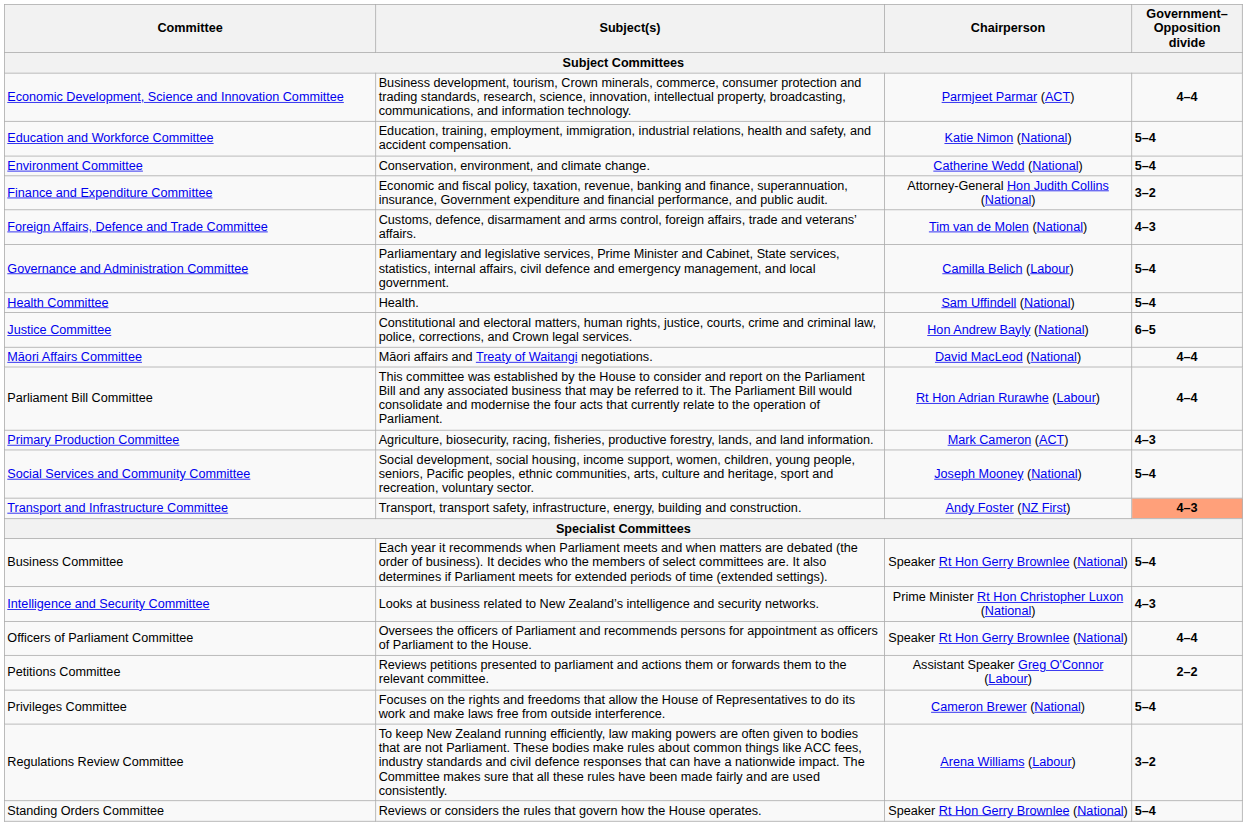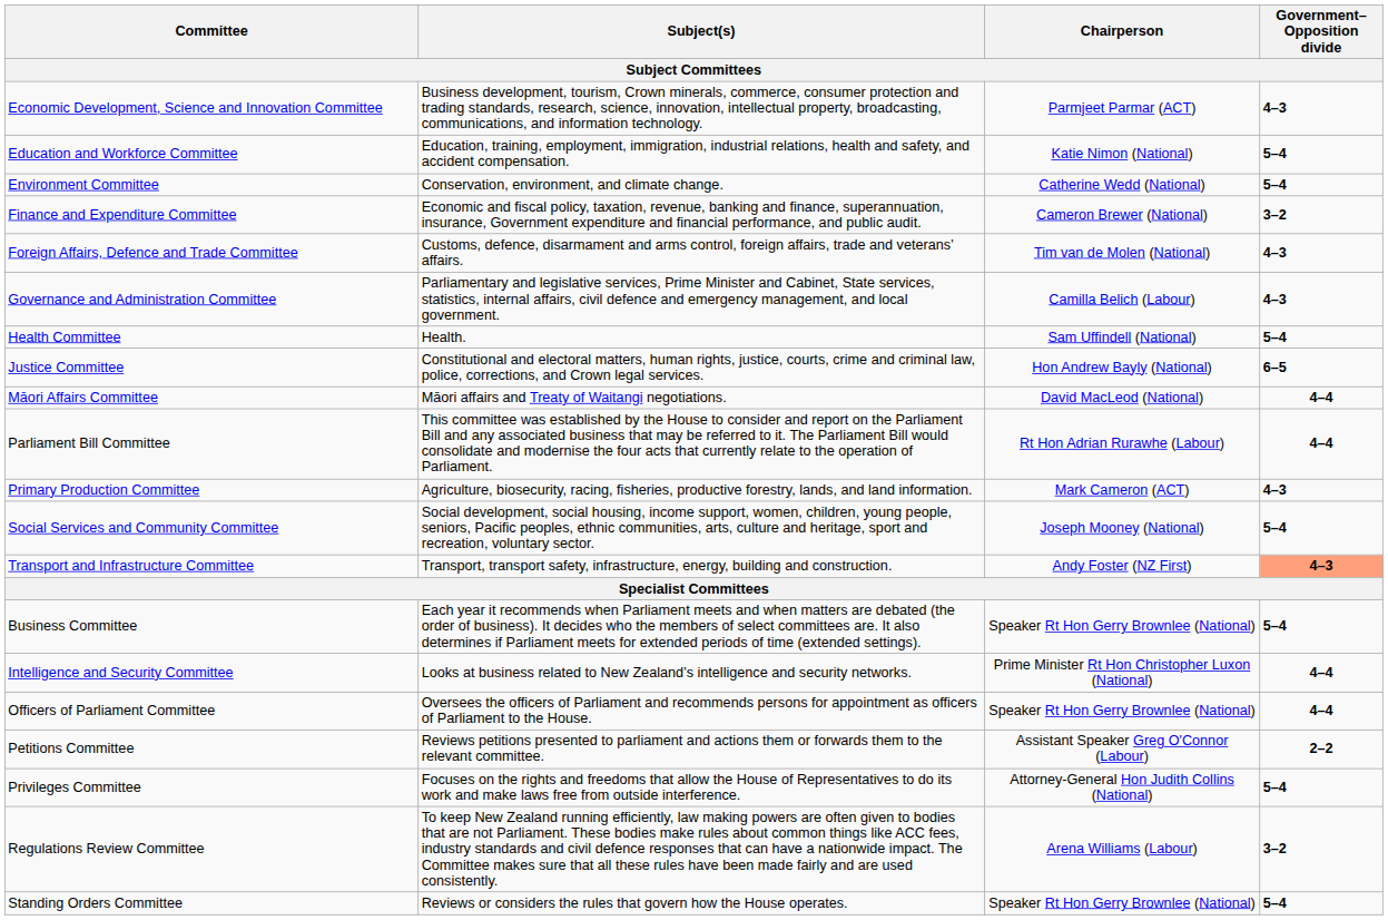 <table class="wikitable">
 <tr>
 <th style="width:30%;">Committee</th>
 <th>Subject(s)</th>
 <th style="width:20%;">Chairperson</th>
 <th>Government–Opposition divide</th>
 </tr>
 <tr>
 <th colspan="4">Subject Committees</th>
 </tr>
 <tr id="Economic Development, Science and Innovation Committee">
 <td><a href='#'>Economic Development, Science and Innovation Committee</a></td>
 <td>Business development, tourism, Crown minerals, commerce, consumer protection and trading standards, research, science, innovation, intellectual property, broadcasting, communications, and information technology.</td>
 <td style="text-align:center;background:"><a href='#'>Parmjeet Parmar</a> (<a href='#'>ACT</a>)</td>
-<td style="text-align:center;"><strong>4–4</strong></td>
+<td style="background:"><strong>4–3</strong></td>
 </tr>
 <tr id="Education and Workforce Committee">
 <td><a href='#'>Education and Workforce Committee</a></td>
 <td>Education, training, employment, immigration, industrial relations, health and safety, and accident compensation.</td>
 <td style="text-align:center;background:"><a href='#'>Katie Nimon</a> (<a href='#'>National</a>)</td>
 <td style="background:"><strong>5–4</strong></td>
 </tr>
 <tr id="Environment Committee">
 <td><a href='#'>Environment Committee</a></td>
 <td>Conservation, environment, and climate change.</td>
 <td style="text-align:center;background:"><a href='#'>Catherine Wedd</a> (<a href='#'>National</a>)</td>
 <td style="background:"><strong>5–4</strong></td>
 </tr>
 <tr id="Finance and Expenditure Committee">
 <td><a href='#'>Finance and Expenditure Committee</a></td>
 <td>Economic and fiscal policy, taxation, revenue, banking and finance, superannuation, insurance, Government expenditure and financial performance, and public audit.</td>
-<td style="text-align:center;background:">Attorney-General <a href='#'>Hon Judith Collins</a> (<a href='#'>National</a>)</td>
+<td style="text-align:center;background:"><a href='#'>Cameron Brewer</a> (<a href='#'>National</a>)</td>
 <td style="background:"><strong>3–2</strong></td>
 </tr>
 <tr id="Foreign Affairs, Defence and Trade Committee">
 <td><a href='#'>Foreign Affairs, Defence and Trade Committee</a></td>
 <td>Customs, defence, disarmament and arms control, foreign affairs, trade and veterans’ affairs.</td>
 <td style="text-align:center;background:"><a href='#'>Tim van de Molen</a> (<a href='#'>National</a>)</td>
 <td style="background:"><strong>4–3</strong></td>
 </tr>
 <tr id="Governance and Administration Committee">
 <td><a href='#'>Governance and Administration Committee</a></td>
 <td>Parliamentary and legislative services, Prime Minister and Cabinet, State services, statistics, internal affairs, civil defence and emergency management, and local government.</td>
 <td style="text-align:center;background:"><a href='#'>Camilla Belich</a> (<a href='#'>Labour</a>)</td>
-<td style="background:"><strong>5–4</strong></td>
+<td style="background:"><strong>4–3</strong></td>
 </tr>
 <tr id="Health Committee">
 <td><a href='#'>Health Committee</a></td>
 <td>Health.</td>
 <td style="text-align:center;background:"><a href='#'>Sam Uffindell</a> (<a href='#'>National</a>)</td>
 <td style="background:"><strong>5–4</strong></td>
 </tr>
 <tr id="Justice Committee">
 <td><a href='#'>Justice Committee</a></td>
 <td>Constitutional and electoral matters, human rights, justice, courts, crime and criminal law, police, corrections, and Crown legal services.</td>
 <td style="text-align:center;background:"><a href='#'>Hon Andrew Bayly</a> (<a href='#'>National</a>)</td>
 <td style="background:"><strong>6–5</strong></td>
 </tr>
 <tr id="Māori Affairs Committee">
 <td><a href='#'>Māori Affairs Committee</a></td>
 <td>Māori affairs and <a href='#'>Treaty of Waitangi</a> negotiations.</td>
 <td style="text-align:center;background:"><a href='#'>David MacLeod</a> (<a href='#'>National</a>)</td>
 <td style="text-align:center;"><strong>4–4</strong></td>
 </tr>
 <tr id="Parliament Bill Committee">
 <td>Parliament Bill Committee</td>
 <td>This committee was established by the House to consider and report on the Parliament Bill and any associated business that may be referred to it. The Parliament Bill would consolidate and modernise the four acts that currently relate to the operation of Parliament.</td>
 <td style="text-align:center;background:"><a href='#'>Rt Hon Adrian Rurawhe</a> (<a href='#'>Labour</a>)</td>
 <td style="text-align:center;"><strong>4–4</strong></td>
 </tr>
 <tr id="Primary Production Committee">
 <td><a href='#'>Primary Production Committee</a></td>
 <td>Agriculture, biosecurity, racing, fisheries, productive forestry, lands, and land information.</td>
 <td style="text-align:center;background:"><a href='#'>Mark Cameron</a> (<a href='#'>ACT</a>)</td>
 <td style="background:"><strong>4–3</strong></td>
 </tr>
 <tr id="Social Services and Community Committee">
 <td><a href='#'>Social Services and Community Committee</a></td>
 <td>Social development, social housing, income support, women, children, young people, seniors, Pacific peoples, ethnic communities, arts, culture and heritage, sport and recreation, voluntary sector.</td>
 <td style="text-align:center;background:"><a href='#'>Joseph Mooney</a> (<a href='#'>National</a>)</td>
 <td style="background:"><strong>5–4</strong></td>
 </tr>
 <tr id="Transport and Infrastructure Committee">
 <td><a href='#'>Transport and Infrastructure Committee</a></td>
 <td>Transport, transport safety, infrastructure, energy, building and construction.</td>
 <td style="text-align:center;background:"><a href='#'>Andy Foster</a> (<a href='#'>NZ First</a>)</td>
 <td style="background: lightsalmon; text-align:center;"><strong>4–3</strong></td>
 </tr>
 <tr>
 <th colspan="4">Specialist Committees</th>
 </tr>
 <tr id="Business Committee">
 <td>Business Committee</td>
 <td>Each year it recommends when Parliament meets and when matters are debated (the order of business). It decides who the members of select committees are. It also determines if Parliament meets for extended periods of time (extended settings).</td>
 <td style="text-align:center;background:">Speaker <a href='#'>Rt Hon Gerry Brownlee</a> (<a href='#'>National</a>)</td>
 <td style="background:"><strong>5–4</strong></td>
 </tr>
 <tr id="Intelligence and Security Committee">
 <td><a href='#'>Intelligence and Security Committee</a></td>
 <td>Looks at business related to New Zealand’s intelligence and security networks.</td>
 <td style="text-align:center;background:">Prime Minister <a href='#'>Rt Hon Christopher Luxon</a> (<a href='#'>National</a>)</td>
-<td style="background:"><strong>4–3</strong></td>
+<td style="text-align:center;"><strong>4–4</strong></td>
 </tr>
 <tr id="Officers of Parliament Committee ">
 <td>Officers of Parliament Committee</td>
 <td>Oversees the officers of Parliament and recommends persons for appointment as officers of Parliament to the House.</td>
 <td style="text-align:center;background:">Speaker <a href='#'>Rt Hon Gerry Brownlee</a> (<a href='#'>National</a>)</td>
 <td style="text-align:center;"><strong>4–4</strong></td>
 </tr>
 <tr id="Petitions Committee">
 <td>Petitions Committee</td>
 <td>Reviews petitions presented to parliament and actions them or forwards them to the relevant committee.</td>
 <td style="text-align:center;background:">Assistant Speaker <a href='#'>Greg O'Connor</a> (<a href='#'>Labour</a>)</td>
 <td style="text-align:center;"><strong>2–2</strong></td>
 </tr>
 <tr>
 <td>Privileges Committee</td>
 <td>Focuses on the rights and freedoms that allow the House of Representatives to do its work and make laws free from outside interference.</td>
-<td style="text-align:center;background:"><a href='#'>Cameron Brewer</a> (<a href='#'>National</a>)</td>
+<td style="text-align:center;background:">Attorney-General <a href='#'>Hon Judith Collins</a> (<a href='#'>National</a>)</td>
 <td style="background:"><strong>5–4</strong></td>
 </tr>
 <tr id="Regulations Review Committee">
 <td>Regulations Review Committee</td>
 <td>To keep New Zealand running efficiently, law making powers are often given to bodies that are not Parliament. These bodies make rules about common things like ACC fees, industry standards and civil defence responses that can have a nationwide impact. The Committee makes sure that all these rules have been made fairly and are used consistently.</td>
 <td style="text-align:center;background:"><a href='#'>Arena Williams</a> (<a href='#'>Labour</a>)</td>
 <td style="background:"><strong>3–2</strong></td>
 </tr>
 <tr id="Standing Orders Committee">
 <td>Standing Orders Committee</td>
 <td>Reviews or considers the rules that govern how the House operates.</td>
 <td style="text-align:center;background:">Speaker <a href='#'>Rt Hon Gerry Brownlee</a> (<a href='#'>National</a>)</td>
 <td style="background:"><strong>5–4</strong></td>
 </tr>
 </table>
